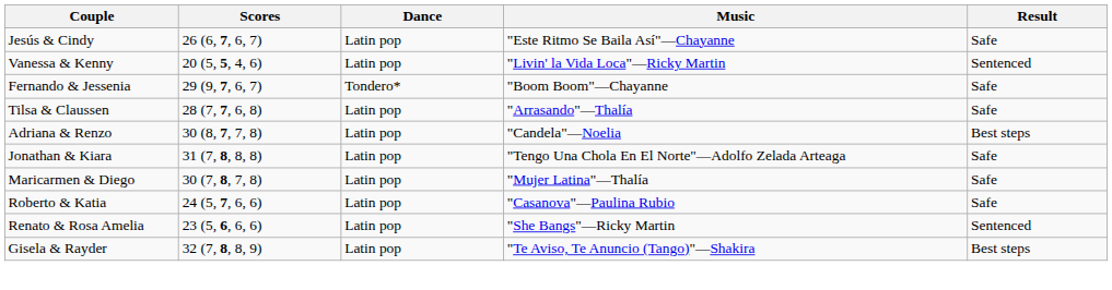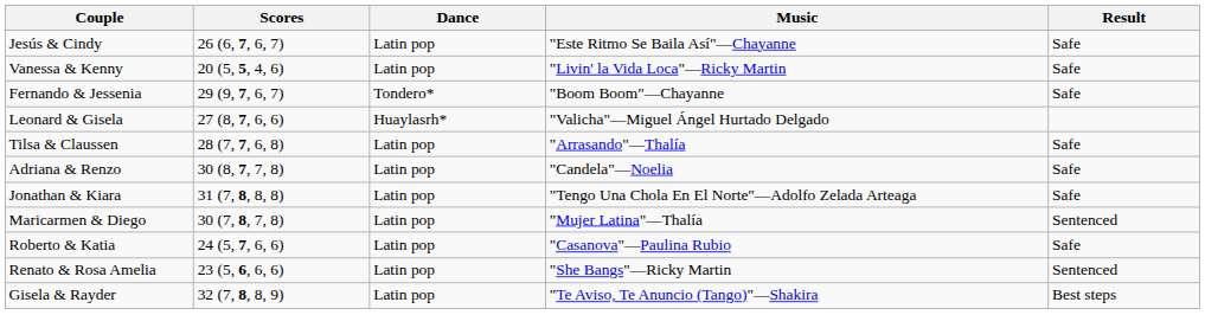 <table class="wikitable sortable" style="width:95%; white-space:nowrap;">
 <tr>
 <th style="width:15%;">Couple</th>
 <th style="width:14%;">Scores</th>
 <th style="width:14%;">Dance</th>
 <th style="width:40%;">Music</th>
 <th style="width:12%;">Result</th>
 </tr>
 <tr>
 <td>Jesús & Cindy</td>
 <td>26 (6, <strong>7</strong>, 6, 7)</td>
 <td>Latin pop</td>
 <td>"Este Ritmo Se Baila Así"—<a href='#'>Chayanne</a></td>
 <td>Safe</td>
 </tr>
 <tr>
 <td>Vanessa & Kenny</td>
 <td>20 (5, <strong>5</strong>, 4, 6)</td>
 <td>Latin pop</td>
 <td>"<a href='#'>Livin' la Vida Loca</a>"—<a href='#'>Ricky Martin</a></td>
-<td>Sentenced</td>
+<td>Safe</td>
 </tr>
 <tr>
 <td>Fernando & Jessenia</td>
 <td>29 (9, <strong>7</strong>, 6, 7)</td>
 <td>Tondero*</td>
 <td>"Boom Boom"—Chayanne</td>
 <td>Safe</td>
+</tr>
+<tr>
+<td>Leonard & Gisela</td>
+<td>27 (8, <strong>7</strong>, 6, 6)</td>
+<td>Huaylasrh*</td>
+<td>"Valicha"—Miguel Ángel Hurtado Delgado</td>
+<td></td>
 </tr>
 <tr>
 <td>Tilsa & Claussen</td>
 <td>28 (7, <strong>7</strong>, 6, 8)</td>
 <td>Latin pop</td>
 <td>"<a href='#'>Arrasando</a>"—<a href='#'>Thalía</a></td>
 <td>Safe</td>
 </tr>
 <tr>
 <td>Adriana & Renzo</td>
 <td>30 (8, <strong>7</strong>, 7, 8)</td>
 <td>Latin pop</td>
 <td>"Candela"—<a href='#'>Noelia</a></td>
-<td>Best steps</td>
+<td>Safe</td>
 </tr>
 <tr>
 <td>Jonathan & Kiara</td>
 <td>31 (7, <strong>8</strong>, 8, 8)</td>
 <td>Latin pop</td>
 <td>"Tengo Una Chola En El Norte"—Adolfo Zelada Arteaga</td>
 <td>Safe</td>
 </tr>
 <tr>
 <td>Maricarmen & Diego</td>
 <td>30 (7, <strong>8</strong>, 7, 8)</td>
 <td>Latin pop</td>
 <td>"<a href='#'>Mujer Latina</a>"—Thalía</td>
-<td>Safe</td>
+<td>Sentenced</td>
 </tr>
 <tr>
 <td>Roberto & Katia</td>
 <td>24 (5, <strong>7</strong>, 6, 6)</td>
 <td>Latin pop</td>
 <td>"<a href='#'>Casanova</a>"—<a href='#'>Paulina Rubio</a></td>
 <td>Safe</td>
 </tr>
 <tr>
 <td>Renato & Rosa Amelia</td>
 <td>23 (5, <strong>6</strong>, 6, 6)</td>
 <td>Latin pop</td>
 <td>"<a href='#'>She Bangs</a>"—Ricky Martin</td>
 <td>Sentenced</td>
 </tr>
 <tr>
 <td>Gisela & Rayder</td>
 <td>32 (7, <strong>8</strong>, 8, 9)</td>
 <td>Latin pop</td>
 <td>"<a href='#'>Te Aviso, Te Anuncio (Tango)</a>"—<a href='#'>Shakira</a></td>
 <td>Best steps</td>
 </tr>
 </table>
